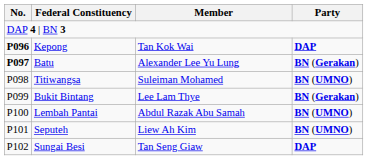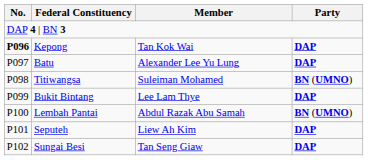 <table class="wikitable sortable">
 <tr>
 <th style="width:30px;">No.</th>
 <th style="width:150px;">Federal Constituency</th>
 <th style="width:230px;">Member</th>
 <th style="width:100px;">Party</th>
 </tr>
 <tr>
 <td colspan="4"><a href='#'>DAP</a> <strong>4</strong> | <a href='#'>BN</a> <strong>3</strong></td>
 </tr>
 <tr>
 <td><strong>P096</strong></td>
 <td><a href='#'>Kepong</a></td>
 <td><a href='#'>Tan Kok Wai</a></td>
 <td><strong><a href='#'>DAP</a></strong></td>
 </tr>
 <tr>
-<td><strong>P097</strong></td>
+<td>P097</td>
 <td><a href='#'>Batu</a></td>
 <td><a href='#'>Alexander Lee Yu Lung</a></td>
-<td><strong><a href='#'>BN</a></strong> (<strong><a href='#'>Gerakan</a></strong>)</td>
+<td><strong><a href='#'>DAP</a></strong></td>
 </tr>
 <tr>
 <td>P098</td>
 <td><a href='#'>Titiwangsa</a></td>
 <td><a href='#'>Suleiman Mohamed</a></td>
 <td><strong><a href='#'>BN</a></strong> (<strong><a href='#'>UMNO</a></strong>)</td>
 </tr>
 <tr>
 <td>P099</td>
 <td><a href='#'>Bukit Bintang</a></td>
 <td><a href='#'>Lee Lam Thye</a></td>
-<td><strong><a href='#'>BN</a></strong> (<strong><a href='#'>Gerakan</a></strong>)</td>
+<td><strong><a href='#'>DAP</a></strong></td>
 </tr>
 <tr>
 <td>P100</td>
 <td><a href='#'>Lembah Pantai</a></td>
 <td><a href='#'>Abdul Razak Abu Samah</a></td>
 <td><strong><a href='#'>BN</a></strong> (<strong><a href='#'>UMNO</a></strong>)</td>
 </tr>
 <tr>
 <td>P101</td>
 <td><a href='#'>Seputeh</a></td>
 <td><a href='#'>Liew Ah Kim</a></td>
-<td><strong><a href='#'>BN</a></strong> (<strong><a href='#'>UMNO</a></strong>)</td>
+<td><strong><a href='#'>DAP</a></strong></td>
 </tr>
 <tr>
 <td>P102</td>
 <td><a href='#'>Sungai Besi</a></td>
 <td><a href='#'>Tan Seng Giaw</a></td>
 <td><strong><a href='#'>DAP</a></strong></td>
 </tr>
 </table>
